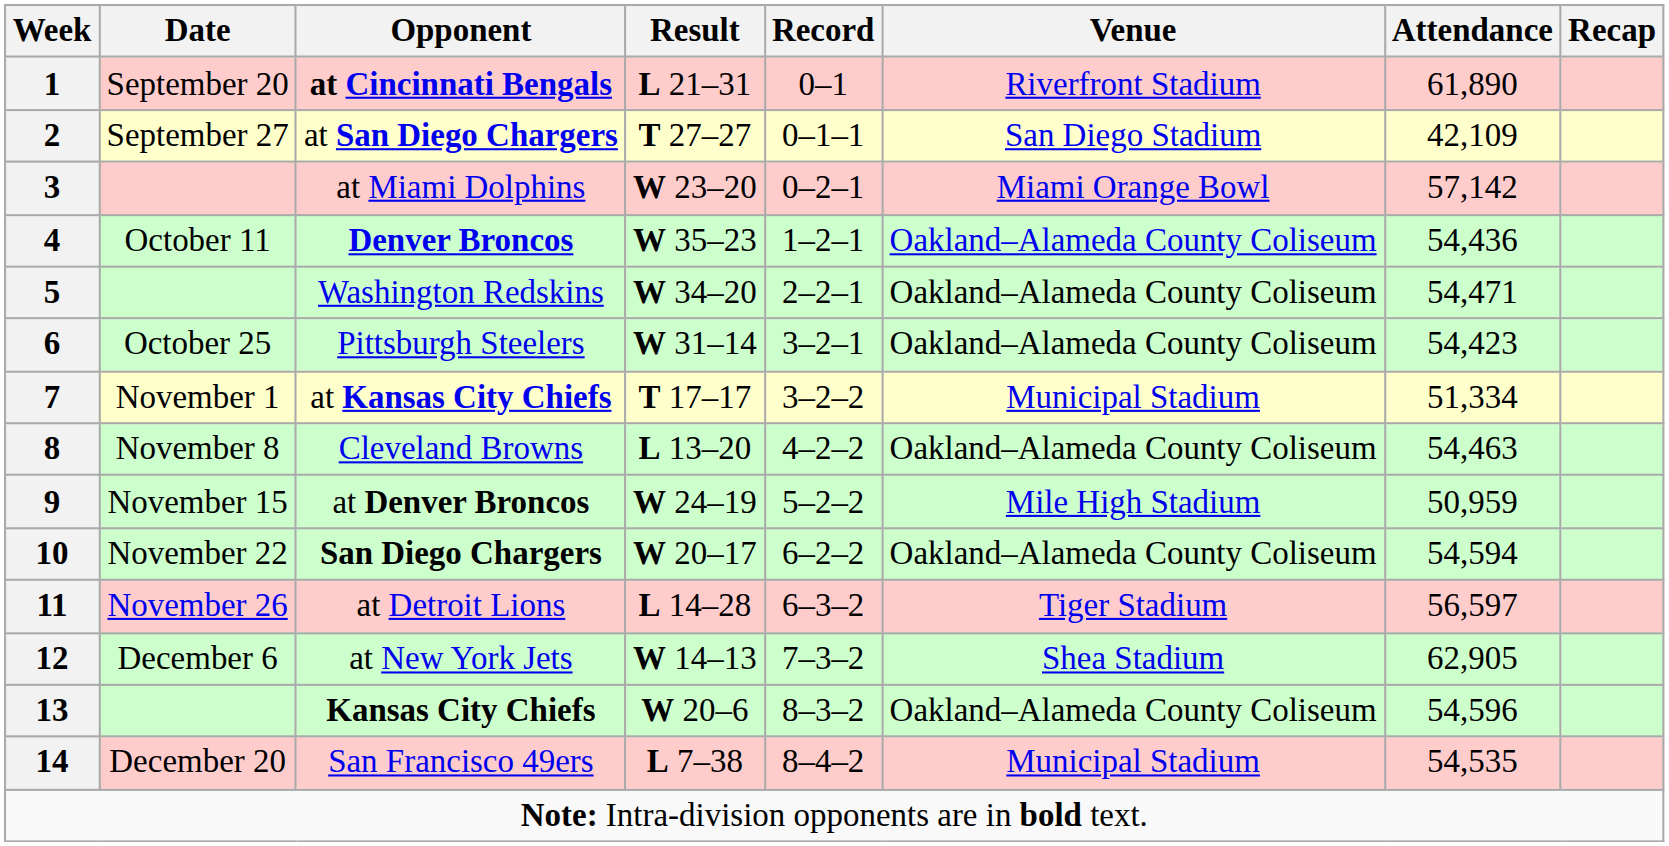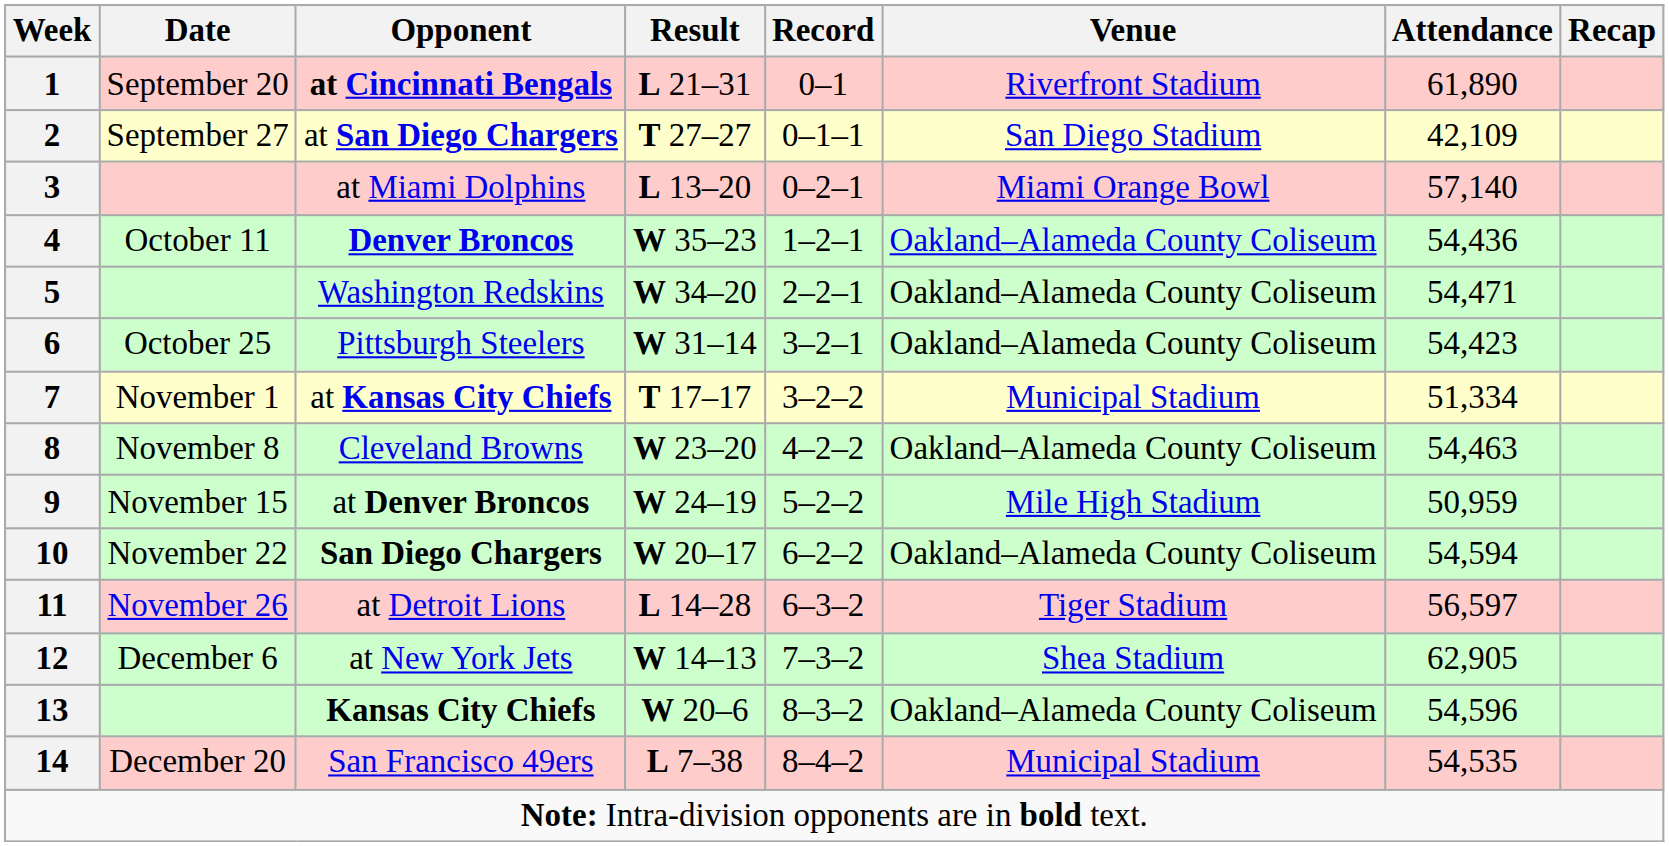 <table class="wikitable" style="text-align:center">
 <tr>
 <th>Week</th>
 <th>Date</th>
 <th>Opponent</th>
 <th>Result</th>
 <th>Record</th>
 <th>Venue</th>
 <th>Attendance</th>
 <th>Recap</th>
 </tr>
 <tr style="background:#fcc">
 <th>1</th>
 <td>September 20</td>
 <td><strong>at <a href='#'>Cincinnati Bengals</a></strong></td>
 <td><strong>L</strong> 21–31</td>
 <td>0–1</td>
 <td><a href='#'>Riverfront Stadium</a></td>
 <td>61,890</td>
 <td></td>
 </tr>
 <tr style="background:#ffc">
 <th>2</th>
 <td>September 27</td>
 <td>at <strong><a href='#'>San Diego Chargers</a></strong></td>
 <td><strong>T</strong> 27–27</td>
 <td>0–1–1</td>
 <td><a href='#'>San Diego Stadium</a></td>
 <td>42,109</td>
 <td></td>
 </tr>
 <tr style="background:#fcc">
 <th>3</th>
 <td></td>
 <td>at <a href='#'>Miami Dolphins</a></td>
-<td><strong>W</strong> 23–20</td>
+<td><strong>L</strong> 13–20</td>
 <td>0–2–1</td>
 <td><a href='#'>Miami Orange Bowl</a></td>
-<td>57,142</td>
+<td>57,140</td>
 <td></td>
 </tr>
 <tr style="background:#cfc">
 <th>4</th>
 <td>October 11</td>
 <td><strong><a href='#'>Denver Broncos</a></strong></td>
 <td><strong>W</strong> 35–23</td>
 <td>1–2–1</td>
 <td><a href='#'>Oakland–Alameda County Coliseum</a></td>
 <td>54,436</td>
 <td></td>
 </tr>
 <tr style="background:#cfc">
 <th>5</th>
 <td></td>
 <td><a href='#'>Washington Redskins</a></td>
 <td><strong>W</strong> 34–20</td>
 <td>2–2–1</td>
 <td>Oakland–Alameda County Coliseum</td>
 <td>54,471</td>
 <td></td>
 </tr>
 <tr style="background:#cfc">
 <th>6</th>
 <td>October 25</td>
 <td><a href='#'>Pittsburgh Steelers</a></td>
 <td><strong>W</strong> 31–14</td>
 <td>3–2–1</td>
 <td>Oakland–Alameda County Coliseum</td>
 <td>54,423</td>
 <td></td>
 </tr>
 <tr style="background:#ffc">
 <th>7</th>
 <td>November 1</td>
 <td>at <strong><a href='#'>Kansas City Chiefs</a></strong></td>
 <td><strong>T</strong> 17–17</td>
 <td>3–2–2</td>
 <td><a href='#'>Municipal Stadium</a></td>
 <td>51,334</td>
 <td></td>
 </tr>
 <tr style="background:#cfc">
 <th>8</th>
 <td>November 8</td>
 <td><a href='#'>Cleveland Browns</a></td>
-<td><strong>L</strong> 13–20</td>
+<td><strong>W</strong> 23–20</td>
 <td>4–2–2</td>
 <td>Oakland–Alameda County Coliseum</td>
 <td>54,463</td>
 <td></td>
 </tr>
 <tr style="background:#cfc">
 <th>9</th>
 <td>November 15</td>
 <td>at <strong>Denver Broncos</strong></td>
 <td><strong>W</strong> 24–19</td>
 <td>5–2–2</td>
 <td><a href='#'>Mile High Stadium</a></td>
 <td>50,959</td>
 <td></td>
 </tr>
 <tr style="background:#cfc">
 <th>10</th>
 <td>November 22</td>
 <td><strong>San Diego Chargers</strong></td>
 <td><strong>W</strong> 20–17</td>
 <td>6–2–2</td>
 <td>Oakland–Alameda County Coliseum</td>
 <td>54,594</td>
 <td></td>
 </tr>
 <tr style="background:#fcc">
 <th>11</th>
 <td><a href='#'>November 26</a></td>
 <td>at <a href='#'>Detroit Lions</a></td>
 <td><strong>L</strong> 14–28</td>
 <td>6–3–2</td>
 <td><a href='#'>Tiger Stadium</a></td>
 <td>56,597</td>
 <td></td>
 </tr>
 <tr style="background:#cfc">
 <th>12</th>
 <td>December 6</td>
 <td>at <a href='#'>New York Jets</a></td>
 <td><strong>W</strong> 14–13</td>
 <td>7–3–2</td>
 <td><a href='#'>Shea Stadium</a></td>
 <td>62,905</td>
 <td></td>
 </tr>
 <tr style="background:#cfc">
 <th>13</th>
 <td></td>
 <td><strong>Kansas City Chiefs</strong></td>
 <td><strong>W</strong> 20–6</td>
 <td>8–3–2</td>
 <td>Oakland–Alameda County Coliseum</td>
 <td>54,596</td>
 <td></td>
 </tr>
 <tr style="background:#fcc">
 <th>14</th>
 <td>December 20</td>
 <td><a href='#'>San Francisco 49ers</a></td>
 <td><strong>L</strong> 7–38</td>
 <td>8–4–2</td>
 <td><a href='#'>Municipal Stadium</a></td>
 <td>54,535</td>
 <td></td>
 </tr>
 <tr>
 <td colspan="8"><strong>Note:</strong> Intra-division opponents are in <strong>bold</strong> text.</td>
 </tr>
 </table>
